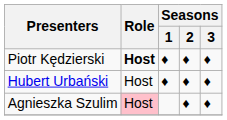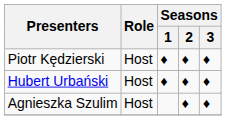 <table class="wikitable">
 <tr>
 <th rowspan="2">Presenters</th>
 <th rowspan="2">Role</th>
 <th colspan="14">Seasons</th>
 </tr>
 <tr>
 <th>1</th>
 <th>2</th>
 <th>3</th>
 </tr>
 <tr>
 <td>Piotr Kędzierski</td>
-<td><strong>Host</strong></td>
+<td>Host</td>
 <td>♦</td>
 <td>♦</td>
 <td>♦</td>
 </tr>
 <tr>
 <td><a href='#'>Hubert Urbański</a></td>
 <td>Host</td>
 <td>♦</td>
 <td>♦</td>
 <td>♦</td>
 </tr>
 <tr>
 <td>Agnieszka Szulim</td>
-<td style="background: pink;">Host</td>
+<td>Host</td>
 <td></td>
 <td>♦</td>
 <td>♦</td>
 </tr>
 <tr>
 </tr>
 </table>
